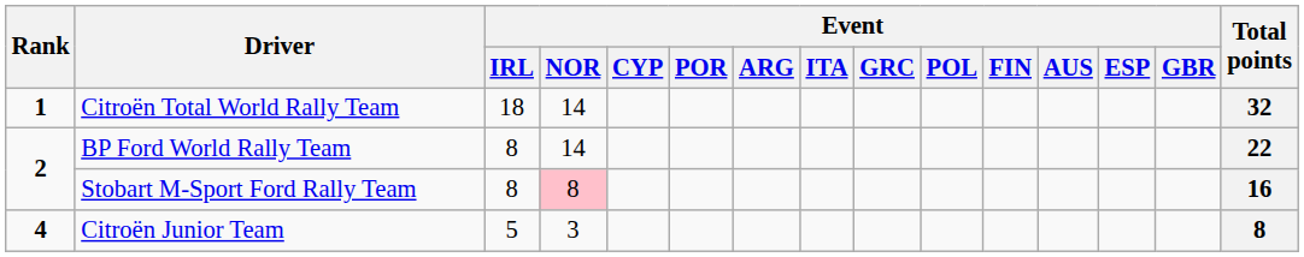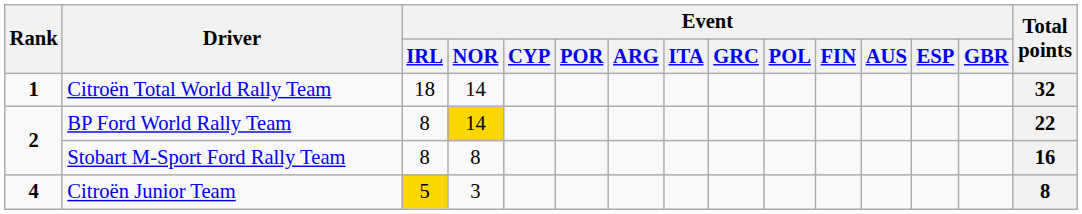 <table class="wikitable" style="text-align:center; font-size:90%;">
 <tr>
 <th rowspan=2>Rank</th>
 <th rowspan=2 style="width:16em">Driver</th>
 <th colspan=12>Event</th>
 <th rowspan=2>Total<br>points</th>
 </tr>
 <tr valign="top">
 <th><a href='#'>IRL</a><br></th>
 <th><a href='#'>NOR</a><br></th>
 <th><a href='#'>CYP</a><br></th>
 <th><a href='#'>POR</a><br></th>
 <th><a href='#'>ARG</a><br></th>
 <th><a href='#'>ITA</a><br></th>
 <th><a href='#'>GRC</a><br></th>
 <th><a href='#'>POL</a><br></th>
 <th><a href='#'>FIN</a><br></th>
 <th><a href='#'>AUS</a><br></th>
 <th><a href='#'>ESP</a><br></th>
 <th><a href='#'>GBR</a><br></th>
 </tr>
 <tr>
 <td><strong>1</strong></td>
 <td align="left"> <a href='#'>Citroën Total World Rally Team</a></td>
 <td>18</td>
 <td>14</td>
 <td></td>
 <td></td>
 <td></td>
 <td></td>
 <td></td>
 <td></td>
 <td></td>
 <td></td>
 <td></td>
 <td></td>
 <th>32</th>
 </tr>
 <tr>
 <td rowspan="2"><strong>2</strong></td>
 <td align="left"> <a href='#'>BP Ford World Rally Team</a></td>
 <td>8</td>
-<td>14</td>
+<td style="background: gold;">14</td>
 <td></td>
 <td></td>
 <td></td>
 <td></td>
 <td></td>
 <td></td>
 <td></td>
 <td></td>
 <td></td>
 <td></td>
 <th>22</th>
 </tr>
 <tr>
 <td align="left"> <a href='#'>Stobart M-Sport Ford Rally Team</a></td>
 <td>8</td>
-<td style="background: pink;">8</td>
+<td>8</td>
 <td></td>
 <td></td>
 <td></td>
 <td></td>
 <td></td>
 <td></td>
 <td></td>
 <td></td>
 <td></td>
 <td></td>
 <th>16</th>
 </tr>
 <tr>
 <td><strong>4</strong></td>
 <td align="left"> <a href='#'>Citroën Junior Team</a></td>
-<td>5</td>
+<td style="background: gold;">5</td>
 <td>3</td>
 <td></td>
 <td></td>
 <td></td>
 <td></td>
 <td></td>
 <td></td>
 <td></td>
 <td></td>
 <td></td>
 <td></td>
 <th>8</th>
 </tr>
 </table>
